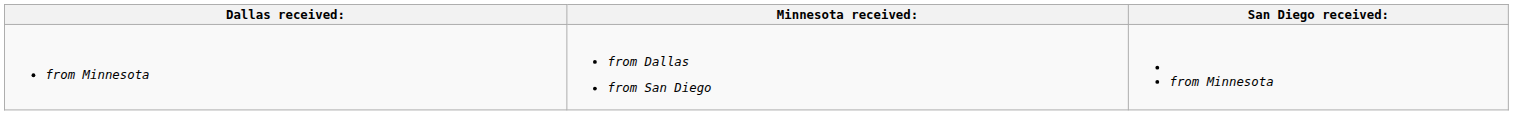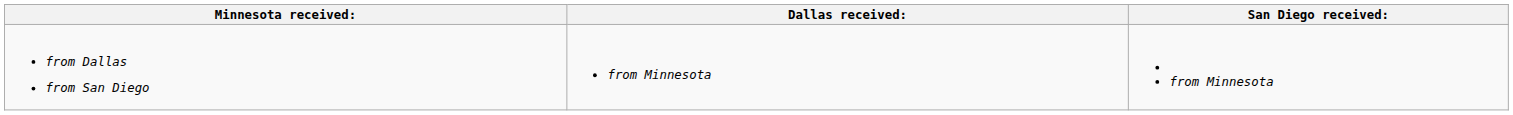 <table class="wikitable" style="width:100%;">
 <tr>
+<th style="width:37%;">Minnesota received:</th>
 <th style="width:37%;">Dallas received:</th>
-<th style="width:37%;">Minnesota received:</th>
 <th style="width:25%;">San Diego received:</th>
 </tr>
 <tr>
+<td><br><ul><li><em>from Dallas</em></li></ul><ul><li><em>from San Diego</em></li></ul></td>
 <td><br><ul><li><em>from Minnesota</em></li></ul></td>
-<td><br><ul><li><em>from Dallas</em></li></ul><ul><li><em>from San Diego</em></li></ul></td>
 <td><br><ul><li></li><li><em>from Minnesota</em></li></ul></td>
 </tr>
 </table>
